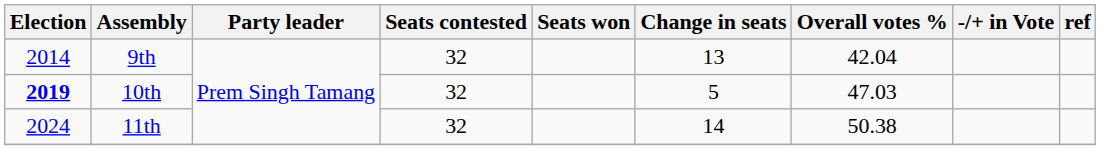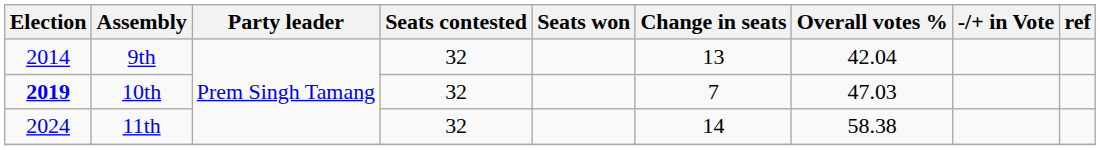 <table class="wikitable" style="text-align:center">
 <tr>
 <th Style="background-color:">Election</th>
 <th Style="background-color:">Assembly</th>
 <th Style="background-color:">Party leader</th>
 <th Style="background-color:">Seats contested</th>
 <th Style="background-color:">Seats won</th>
 <th Style="background-color:">Change in seats</th>
 <th Style="background-color:">Overall votes %</th>
 <th Style="background-color:">-/+ in Vote</th>
 <th Style="background-color:">ref</th>
 </tr>
 <tr>
 <td><a href='#'>2014</a></td>
 <td><a href='#'>9th</a></td>
 <td rowspan="3"><a href='#'>Prem Singh Tamang</a></td>
 <td>32</td>
 <td></td>
 <td>13</td>
 <td>42.04</td>
 <td></td>
 <td></td>
 </tr>
 <tr>
 <td><strong><a href='#'>2019</a></strong></td>
 <td><a href='#'>10th</a></td>
 <td>32</td>
 <td></td>
-<td>5</td>
+<td>7</td>
 <td>47.03</td>
 <td></td>
 <td></td>
 </tr>
 <tr>
 <td><a href='#'>2024</a></td>
 <td><a href='#'>11th</a></td>
 <td>32</td>
 <td></td>
 <td>14</td>
-<td>50.38</td>
+<td>58.38</td>
 <td></td>
 <td></td>
 </tr>
 <tr>
 </tr>
 </table>
